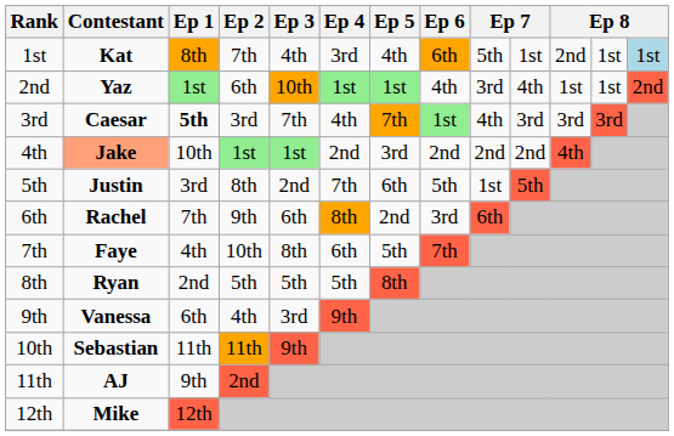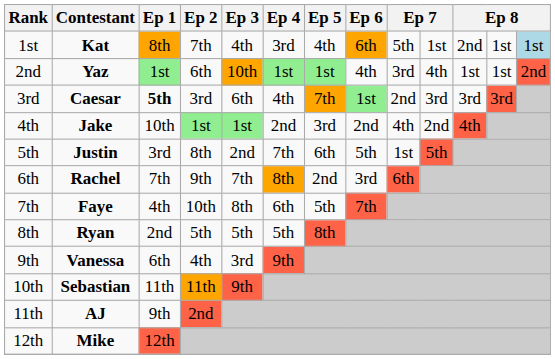 <table class="wikitable" border="1" style="text-align:center">
 <tr>
 <th>Rank</th>
 <th>Contestant</th>
 <th>Ep 1</th>
 <th>Ep 2</th>
 <th>Ep 3</th>
 <th>Ep 4</th>
 <th>Ep 5</th>
 <th>Ep 6</th>
 <th colspan="2">Ep 7</th>
 <th colspan="3">Ep 8</th>
 </tr>
 <tr>
 <td>1st</td>
 <td><strong>Kat</strong></td>
 <td bgcolor="orange">8th</td>
 <td>7th</td>
 <td>4th</td>
 <td>3rd</td>
 <td>4th</td>
 <td bgcolor="orange">6th</td>
 <td>5th</td>
 <td>1st</td>
 <td>2nd</td>
 <td>1st</td>
 <td bgcolor="lightblue">1st</td>
 </tr>
 <tr>
 <td>2nd</td>
 <td><strong>Yaz</strong></td>
 <td bgcolor="lightgreen">1st</td>
 <td>6th</td>
 <td bgcolor="orange">10th</td>
 <td bgcolor="lightgreen">1st</td>
 <td bgcolor="lightgreen">1st</td>
 <td>4th</td>
 <td>3rd</td>
 <td>4th</td>
 <td>1st</td>
 <td>1st</td>
 <td bgcolor="tomato">2nd</td>
 </tr>
 <tr>
 <td>3rd</td>
 <td><strong>Caesar</strong></td>
 <td><strong>5th</strong></td>
 <td>3rd</td>
-<td>7th</td>
+<td>6th</td>
 <td>4th</td>
 <td bgcolor="orange">7th</td>
 <td bgcolor="lightgreen">1st</td>
-<td>4th</td>
+<td>2nd</td>
 <td>3rd</td>
 <td>3rd</td>
 <td bgcolor="tomato">3rd</td>
 <td colspan="1" bgcolor="CCCCCC"></td>
 </tr>
 <tr>
 <td>4th</td>
-<td style="background: lightsalmon;"><strong>Jake</strong></td>
+<td><strong>Jake</strong></td>
 <td>10th</td>
 <td bgcolor="lightgreen">1st</td>
 <td bgcolor="lightgreen">1st</td>
 <td>2nd</td>
 <td>3rd</td>
 <td>2nd</td>
-<td>2nd</td>
+<td>4th</td>
 <td>2nd</td>
 <td bgcolor="tomato">4th</td>
 <td colspan="2" bgcolor="CCCCCC"></td>
 </tr>
 <tr>
 <td>5th</td>
 <td><strong>Justin</strong></td>
 <td>3rd</td>
 <td>8th</td>
 <td>2nd</td>
 <td>7th</td>
 <td>6th</td>
 <td>5th</td>
 <td>1st</td>
 <td bgcolor="tomato">5th</td>
 <td colspan="3" bgcolor="CCCCCC"></td>
 </tr>
 <tr>
 <td>6th</td>
 <td><strong>Rachel</strong></td>
 <td>7th</td>
 <td>9th</td>
-<td>6th</td>
+<td>7th</td>
 <td bgcolor="orange">8th</td>
 <td>2nd</td>
 <td>3rd</td>
 <td bgcolor="tomato">6th</td>
 <td colspan="4" bgcolor="CCCCCC"></td>
 </tr>
 <tr>
 <td>7th</td>
 <td><strong>Faye</strong></td>
 <td>4th</td>
 <td>10th</td>
 <td>8th</td>
 <td>6th</td>
 <td>5th</td>
 <td bgcolor="tomato">7th</td>
 <td colspan="5" bgcolor="CCCCCC"></td>
 </tr>
 <tr>
 <td>8th</td>
 <td><strong>Ryan</strong></td>
 <td>2nd</td>
 <td>5th</td>
 <td>5th</td>
 <td>5th</td>
 <td bgcolor="tomato">8th</td>
 <td colspan="6" bgcolor="CCCCCC"></td>
 </tr>
 <tr>
 <td>9th</td>
 <td><strong>Vanessa</strong></td>
 <td>6th</td>
 <td>4th</td>
 <td>3rd</td>
 <td bgcolor="tomato">9th</td>
 <td colspan="7" bgcolor="CCCCCC"></td>
 </tr>
 <tr>
 <td>10th</td>
 <td><strong>Sebastian</strong></td>
 <td>11th</td>
 <td bgcolor="orange">11th</td>
 <td bgcolor="tomato">9th</td>
 <td colspan="8" bgcolor="CCCCCC"></td>
 </tr>
 <tr>
 <td>11th</td>
 <td><strong>AJ</strong></td>
 <td>9th</td>
 <td bgcolor="tomato">2nd</td>
 <td colspan="9" bgcolor="CCCCCC"></td>
 </tr>
 <tr>
 <td>12th</td>
 <td><strong>Mike</strong></td>
 <td bgcolor="tomato">12th</td>
 <td colspan="10" bgcolor="CCCCCC"></td>
 </tr>
 <tr>
 </tr>
 </table>
